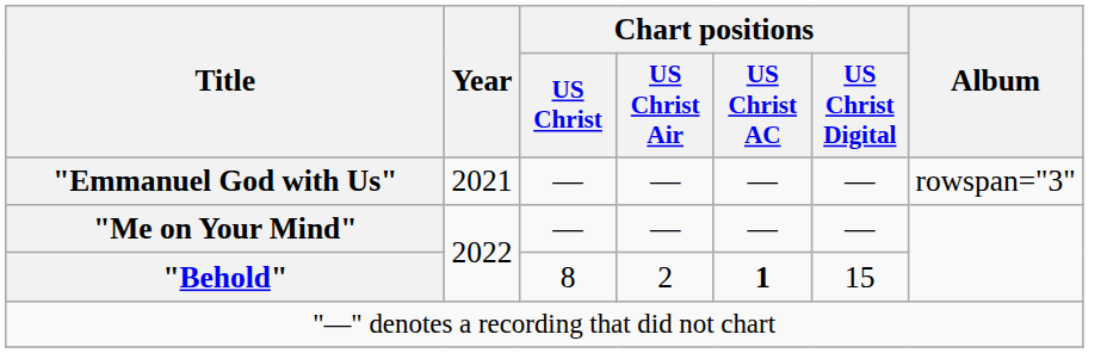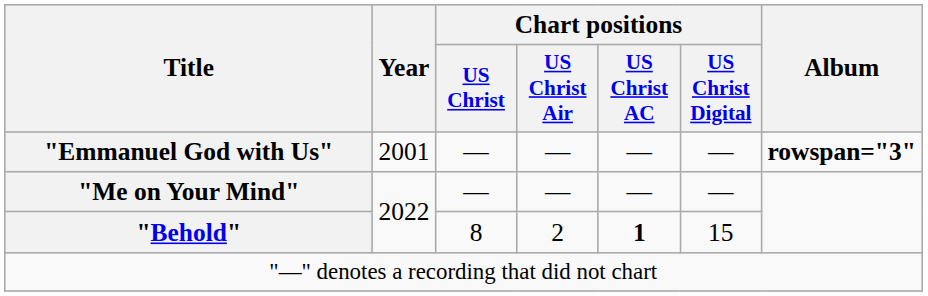 <table class="wikitable plainrowheaders" style="text-align:center;">
 <tr>
 <th rowspan="2" style="width:14em;">Title</th>
 <th rowspan="2">Year</th>
 <th colspan="4">Chart positions</th>
 <th rowspan="2">Album</th>
 </tr>
 <tr style="font-size:smaller;">
 <th width="45"><a href='#'>US<br>Christ</a><br></th>
 <th width="45"><a href='#'>US<br>Christ<br>Air</a><br></th>
 <th width="45"><a href='#'>US<br>Christ<br>AC</a><br></th>
 <th width="45"><a href='#'>US<br>Christ<br>Digital</a><br></th>
 </tr>
 <tr>
 <th scope="row">"Emmanuel God with Us"<br></th>
-<td>2021</td>
+<td>2001</td>
 <td>—</td>
 <td>—</td>
 <td>—</td>
 <td>—</td>
-<td>rowspan="3" </td>
+<td><strong>rowspan="3" </strong></td>
 </tr>
 <tr>
 <th scope="row">"Me on Your Mind"<br></th>
 <td rowspan="2">2022</td>
 <td>—</td>
 <td>—</td>
 <td>—</td>
 <td>—</td>
 </tr>
 <tr>
 <th scope="row">"<a href='#'>Behold</a>"<br></th>
 <td>8</td>
 <td>2</td>
 <td><strong>1</strong></td>
 <td>15</td>
 </tr>
 <tr>
 <td colspan="7" style="font-size:90%">"—" denotes a recording that did not chart</td>
 </tr>
 </table>
